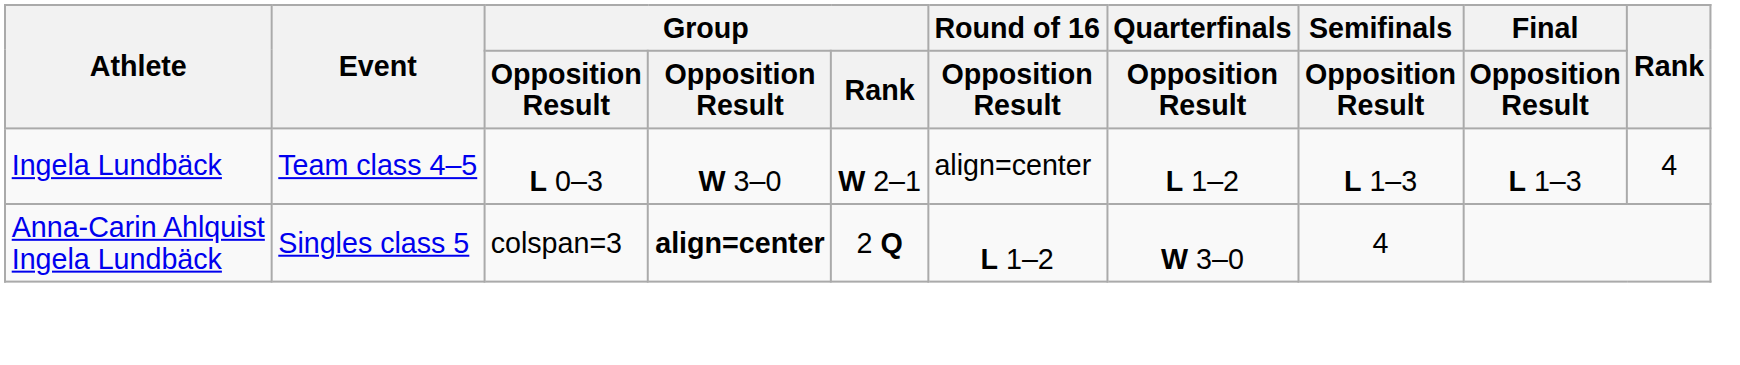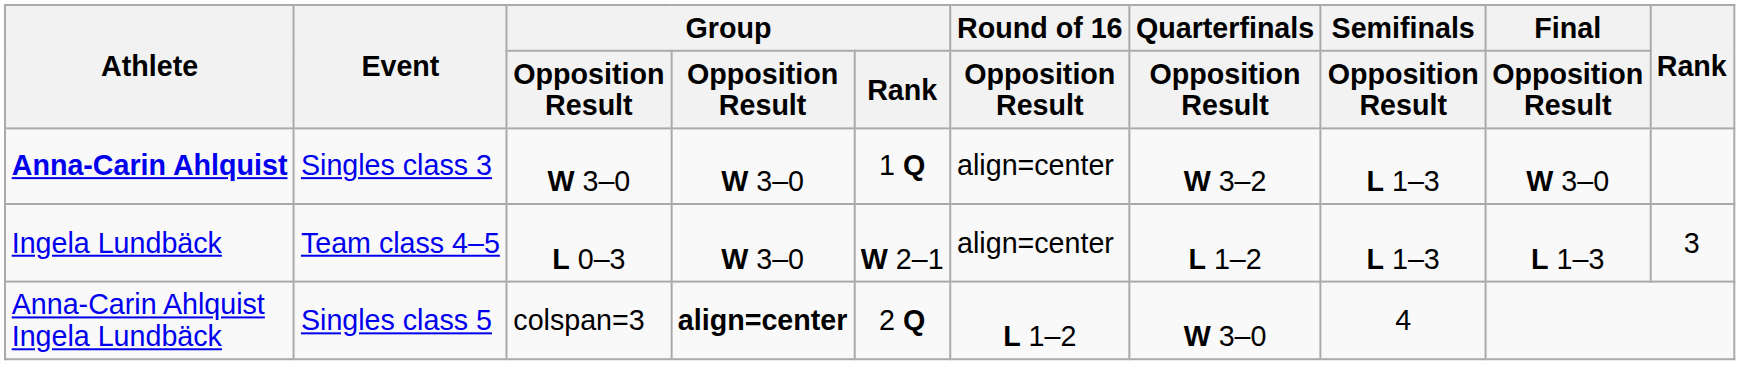 <table class="wikitable" style="font-size:90%">
 <tr>
 <th rowspan="2">Athlete</th>
 <th rowspan="2">Event</th>
 <th colspan="3">Group</th>
 <th>Round of 16</th>
 <th>Quarterfinals</th>
 <th>Semifinals</th>
 <th>Final</th>
 <th rowspan="2">Rank</th>
 </tr>
 <tr>
 <th>Opposition<br>Result</th>
 <th>Opposition<br>Result</th>
 <th>Rank</th>
 <th>Opposition<br>Result</th>
 <th>Opposition<br>Result</th>
 <th>Opposition<br>Result</th>
 <th>Opposition<br>Result</th>
 </tr>
 <tr>
+<td><strong><a href='#'>Anna-Carin Ahlquist</a></strong></td>
+<td><a href='#'>Singles class 3</a></td>
+<td align=center><br><strong>W</strong> 3–0</td>
+<td align=center><br><strong>W</strong> 3–0</td>
+<td align=center>1 <strong>Q</strong></td>
+<td>align=center </td>
+<td align=center><br><strong>W</strong> 3–2</td>
+<td align=center><br><strong>L</strong> 1–3</td>
+<td align=center><br><strong>W</strong> 3–0</td>
+<td align=center></td>
+</tr>
+<tr>
 <td><a href='#'>Ingela Lundbäck</a></td>
 <td><a href='#'>Team class 4–5</a></td>
 <td align=center><br><strong>L</strong> 0–3</td>
 <td align=center><br><strong>W</strong> 3–0</td>
 <td align=center><br><strong>W</strong> 2–1</td>
 <td>align=center </td>
 <td align=center><br><strong>L</strong> 1–2</td>
 <td align=center><br><strong>L</strong> 1–3</td>
 <td align=center><br><strong>L</strong> 1–3</td>
-<td align=center>4</td>
+<td align=center>3</td>
 </tr>
 <tr>
 <td><a href='#'>Anna-Carin Ahlquist</a><br><a href='#'>Ingela Lundbäck</a></td>
 <td><a href='#'>Singles class 5</a></td>
 <td>colspan=3 </td>
 <td><strong>align=center </strong></td>
 <td align=center>2 <strong>Q</strong></td>
 <td align=center><br><strong>L</strong> 1–2</td>
 <td align=center><br><strong>W</strong> 3–0</td>
 <td align=center>4</td>
 </tr>
 </table>
